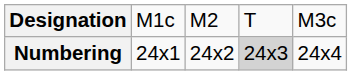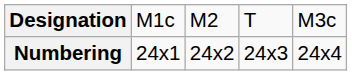 <table class="wikitable">
 <tr>
 <th>Designation</th>
 <td>M1c</td>
 <td>M2</td>
 <td>T</td>
 <td>M3c</td>
 </tr>
 <tr>
 <th>Numbering</th>
 <td>24x1</td>
 <td>24x2</td>
-<td style="background: lightgrey;">24x3</td>
+<td>24x3</td>
 <td>24x4</td>
 </tr>
 </table>
